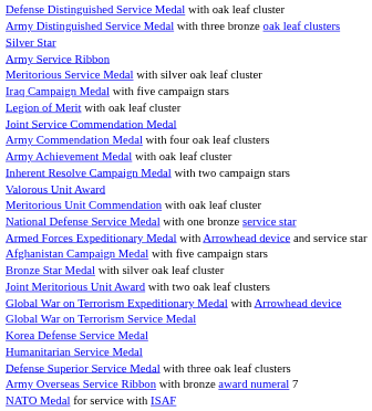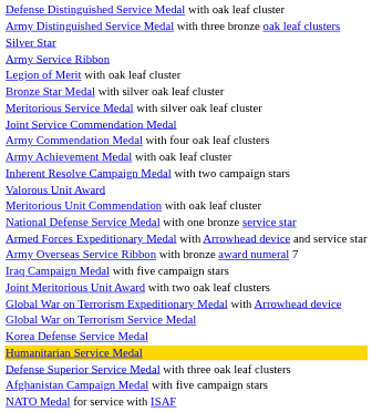 <table>
 <tr>
 <td> <a href='#'>Defense Distinguished Service Medal</a> with oak leaf cluster</td>
 </tr>
 <tr>
 <td><span></span><span></span><span></span> <a href='#'>Army Distinguished Service Medal</a> with three bronze <a href='#'>oak leaf clusters</a></td>
 </tr>
 <tr>
 <td> <a href='#'>Silver Star</a></td>
 </tr>
 <tr>
 <td> <a href='#'>Army Service Ribbon</a></td>
 </tr>
 <tr>
-<td> <a href='#'>Meritorious Service Medal</a> with silver oak leaf cluster</td>
+<td> <a href='#'>Legion of Merit</a> with oak leaf cluster</td>
 </tr>
 <tr>
-<td> <a href='#'>Iraq Campaign Medal</a> with five campaign stars</td>
+<td> <a href='#'>Bronze Star Medal</a> with silver oak leaf cluster</td>
 </tr>
 <tr>
-<td> <a href='#'>Legion of Merit</a> with oak leaf cluster</td>
+<td> <a href='#'>Meritorious Service Medal</a> with silver oak leaf cluster</td>
 </tr>
 <tr>
 <td> <a href='#'>Joint Service Commendation Medal</a></td>
 </tr>
 <tr>
 <td><span></span><span></span><span></span><span></span> <a href='#'>Army Commendation Medal</a> with four oak leaf clusters</td>
 </tr>
 <tr>
 <td> <a href='#'>Army Achievement Medal</a> with oak leaf cluster</td>
 </tr>
 <tr>
 <td><span></span><span></span> <a href='#'>Inherent Resolve Campaign Medal</a> with two campaign stars</td>
 </tr>
 <tr>
 <td> <a href='#'>Valorous Unit Award</a></td>
 </tr>
 <tr>
 <td> <a href='#'>Meritorious Unit Commendation</a> with oak leaf cluster</td>
 </tr>
 <tr>
 <td> <a href='#'>National Defense Service Medal</a> with one bronze <a href='#'>service star</a></td>
 </tr>
 <tr>
 <td><span></span><span></span> <a href='#'>Armed Forces Expeditionary Medal</a> with <a href='#'>Arrowhead device</a> and service star</td>
 </tr>
 <tr>
-<td> <a href='#'>Afghanistan Campaign Medal</a> with five campaign stars</td>
+<td><span></span> <a href='#'>Army Overseas Service Ribbon</a> with bronze <a href='#'>award numeral</a> 7</td>
 </tr>
 <tr>
-<td> <a href='#'>Bronze Star Medal</a> with silver oak leaf cluster</td>
+<td> <a href='#'>Iraq Campaign Medal</a> with five campaign stars</td>
 </tr>
 <tr>
 <td><span></span><span></span> <a href='#'>Joint Meritorious Unit Award</a> with two oak leaf clusters</td>
 </tr>
 <tr>
 <td> <a href='#'>Global War on Terrorism Expeditionary Medal</a> with <a href='#'>Arrowhead device</a></td>
 </tr>
 <tr>
 <td> <a href='#'>Global War on Terrorism Service Medal</a></td>
 </tr>
 <tr>
 <td> <a href='#'>Korea Defense Service Medal</a></td>
 </tr>
 <tr>
-<td> <a href='#'>Humanitarian Service Medal</a></td>
+<td style="background: gold;"> <a href='#'>Humanitarian Service Medal</a></td>
 </tr>
 <tr>
 <td><span></span><span></span><span></span> <a href='#'>Defense Superior Service Medal</a> with three oak leaf clusters</td>
 </tr>
 <tr>
-<td><span></span> <a href='#'>Army Overseas Service Ribbon</a> with bronze <a href='#'>award numeral</a> 7</td>
+<td> <a href='#'>Afghanistan Campaign Medal</a> with five campaign stars</td>
 </tr>
 <tr>
 <td> <a href='#'>NATO Medal</a> for service with <a href='#'>ISAF</a></td>
 </tr>
 </table>
